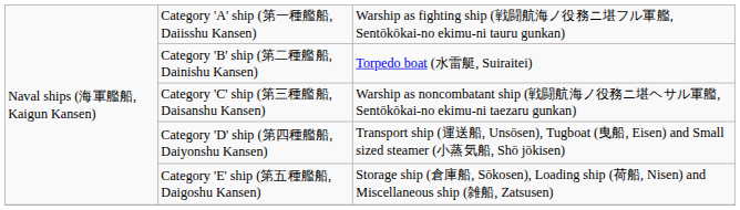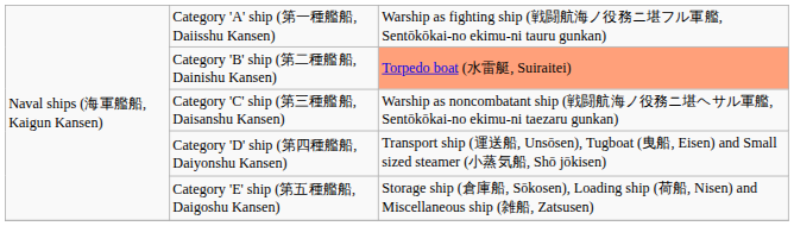 <table class="wikitable">
 <tr>
 <td rowspan="5">Naval ships (海軍艦船, Kaigun Kansen)</td>
 <td>Category 'A' ship (第一種艦船, Daiisshu Kansen)</td>
 <td>Warship as fighting ship (戦闘航海ノ役務ニ堪フル軍艦, Sentōkōkai-no ekimu-ni tauru gunkan)</td>
 </tr>
 <tr>
 <td>Category 'B' ship (第二種艦船, Dainishu Kansen)</td>
-<td><a href='#'>Torpedo boat</a> (水雷艇, Suiraitei)</td>
+<td style="background: lightsalmon;"><a href='#'>Torpedo boat</a> (水雷艇, Suiraitei)</td>
 </tr>
 <tr>
 <td>Category 'C' ship (第三種艦船, Daisanshu Kansen)</td>
 <td>Warship as noncombatant ship (戦闘航海ノ役務ニ堪ヘサル軍艦, Sentōkōkai-no ekimu-ni taezaru gunkan)</td>
 </tr>
 <tr>
 <td>Category 'D' ship (第四種艦船, Daiyonshu Kansen)</td>
 <td>Transport ship (運送船, Unsōsen), Tugboat (曳船, Eisen) and Small sized steamer (小蒸気船, Shō jōkisen)</td>
 </tr>
 <tr>
 <td>Category 'E' ship (第五種艦船, Daigoshu Kansen)</td>
 <td>Storage ship (倉庫船, Sōkosen), Loading ship (荷船, Nisen) and  Miscellaneous ship (雑船, Zatsusen)</td>
 </tr>
 <tr>
 </tr>
 </table>
